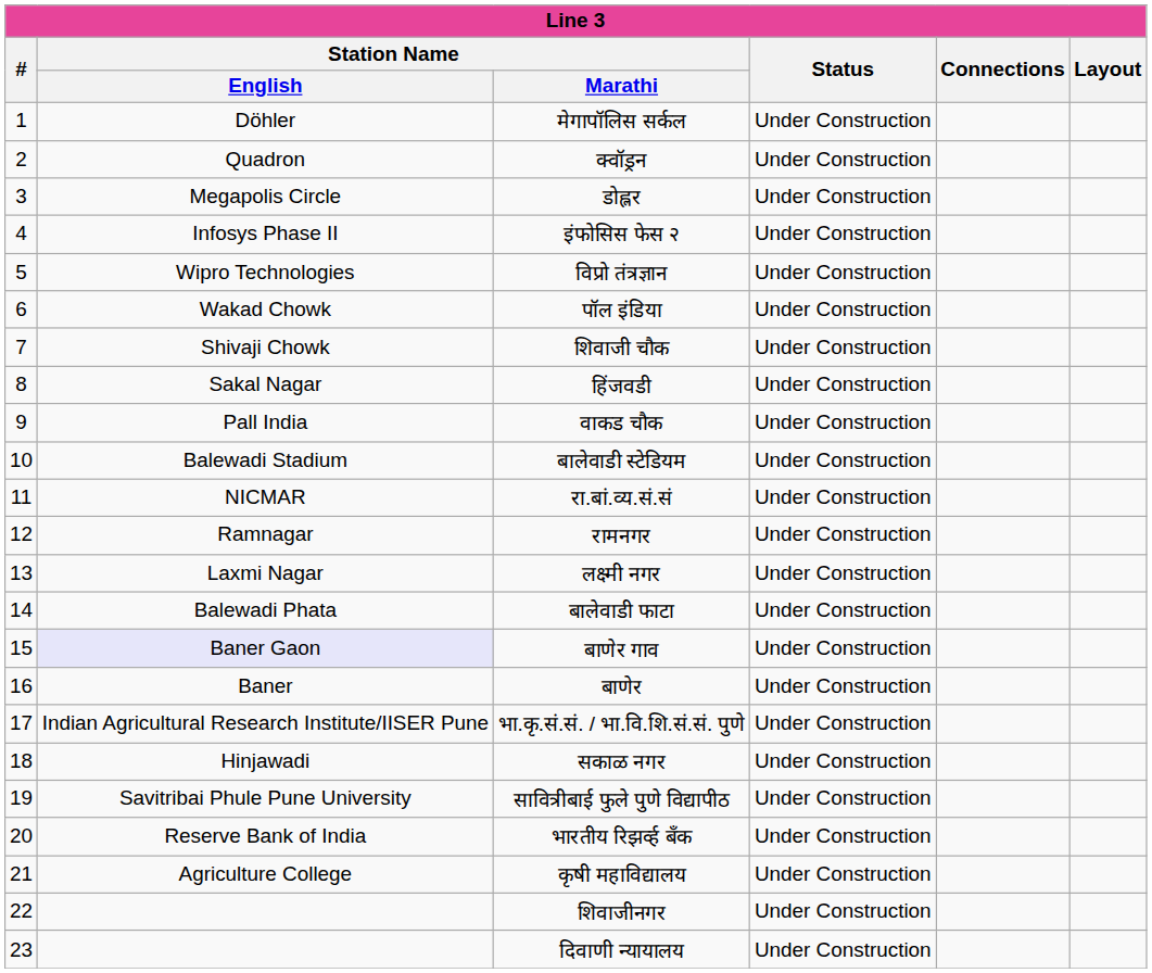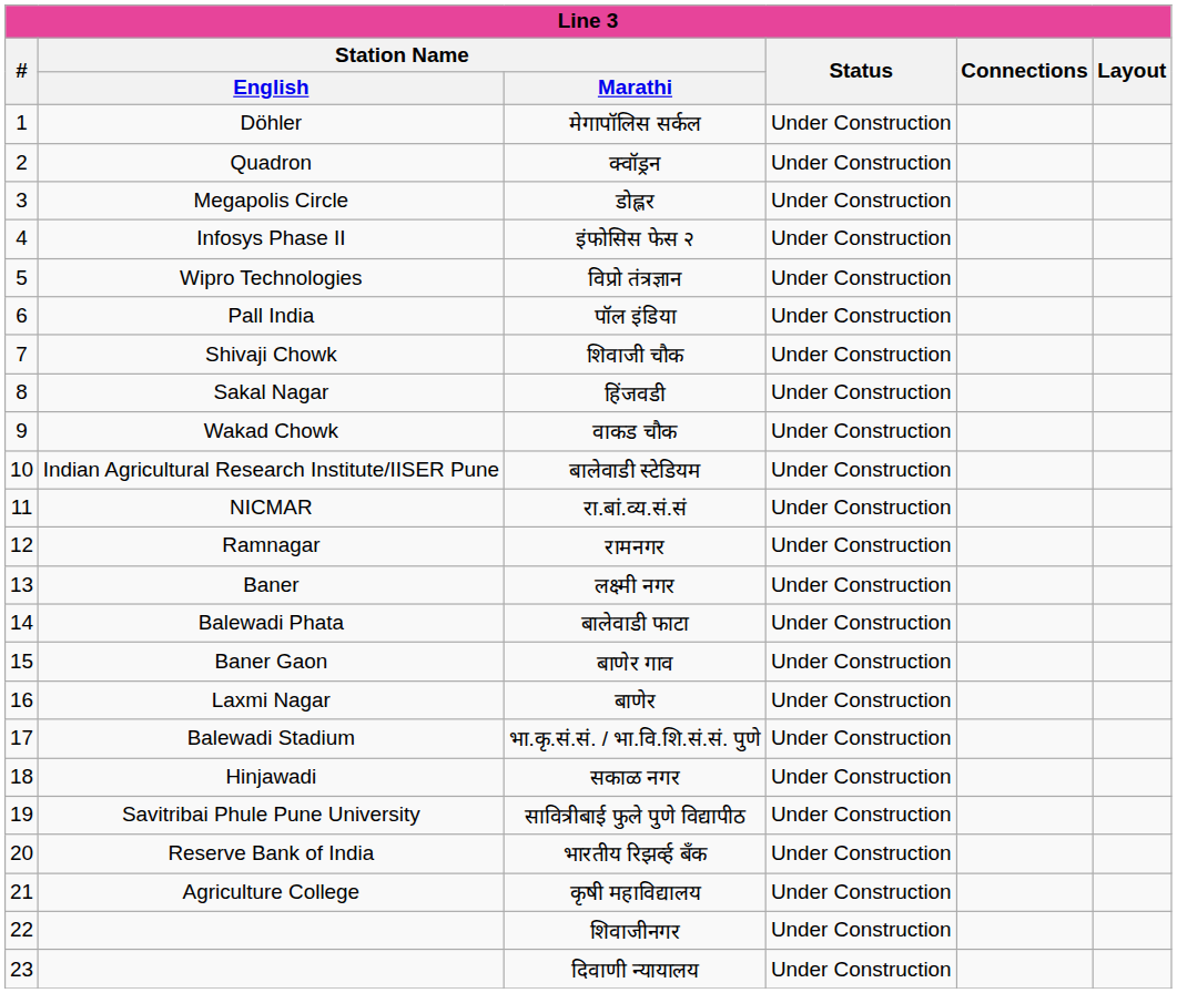 <table class="wikitable" style="text-align: center;">
 <tr>
 <th colspan="6" style="text-align:center; background:#E7449A;"><span>Line 3</span></th>
 </tr>
 <tr>
 <th rowspan="2">#</th>
 <th colspan="2">Station Name</th>
 <th rowspan="2">Status</th>
 <th rowspan="2">Connections</th>
 <th rowspan="2">Layout</th>
 </tr>
 <tr>
 <th><a href='#'>English</a></th>
 <th><a href='#'>Marathi</a></th>
 </tr>
 <tr>
 <td>1</td>
 <td>Döhler</td>
 <td>मेगापॉलिस सर्कल</td>
 <td>Under Construction</td>
 <td></td>
 <td></td>
 </tr>
 <tr>
 <td>2</td>
 <td>Quadron</td>
 <td>क्वॉड्रन</td>
 <td>Under Construction</td>
 <td></td>
 <td></td>
 </tr>
 <tr>
 <td>3</td>
 <td>Megapolis Circle</td>
 <td>डोह्लर</td>
 <td>Under Construction</td>
 <td></td>
 <td></td>
 </tr>
 <tr>
 <td>4</td>
 <td>Infosys Phase II</td>
 <td>इंफोसिस फेस २</td>
 <td>Under Construction</td>
 <td></td>
 <td></td>
 </tr>
 <tr>
 <td>5</td>
 <td>Wipro Technologies</td>
 <td>विप्रो तंत्रज्ञान</td>
 <td>Under Construction</td>
 <td></td>
 <td></td>
 </tr>
 <tr>
 <td>6</td>
-<td>Wakad Chowk</td>
+<td>Pall India</td>
 <td>पॉल इंडिया</td>
 <td>Under Construction</td>
 <td></td>
 <td></td>
 </tr>
 <tr>
 <td>7</td>
 <td>Shivaji Chowk</td>
 <td>शिवाजी चौक</td>
 <td>Under Construction</td>
 <td></td>
 <td></td>
 </tr>
 <tr>
 <td>8</td>
 <td>Sakal Nagar</td>
 <td>हिंजवडी</td>
 <td>Under Construction</td>
 <td></td>
 <td></td>
 </tr>
 <tr>
 <td>9</td>
-<td>Pall India</td>
+<td>Wakad Chowk</td>
 <td>वाकड चौक</td>
 <td>Under Construction</td>
 <td></td>
 <td></td>
 </tr>
 <tr>
 <td>10</td>
-<td>Balewadi Stadium</td>
+<td>Indian Agricultural Research Institute/IISER Pune</td>
 <td>बालेवाडी स्टेडियम</td>
 <td>Under Construction</td>
 <td></td>
 <td></td>
 </tr>
 <tr>
 <td>11</td>
 <td>NICMAR</td>
 <td>रा.बां.व्य.सं.सं</td>
 <td>Under Construction</td>
 <td></td>
 <td></td>
 </tr>
 <tr>
 <td>12</td>
 <td>Ramnagar</td>
 <td>रामनगर</td>
 <td>Under Construction</td>
 <td></td>
 <td></td>
 </tr>
 <tr>
 <td>13</td>
-<td>Laxmi Nagar</td>
+<td>Baner</td>
 <td>लक्ष्मी नगर</td>
 <td>Under Construction</td>
 <td></td>
 <td></td>
 </tr>
 <tr>
 <td>14</td>
 <td>Balewadi Phata</td>
 <td>बालेवाडी फाटा</td>
 <td>Under Construction</td>
 <td></td>
 <td></td>
 </tr>
 <tr>
 <td>15</td>
-<td style="background: lavender;">Baner Gaon</td>
+<td>Baner Gaon</td>
 <td>बाणेर गाव</td>
 <td>Under Construction</td>
 <td></td>
 <td></td>
 </tr>
 <tr>
 <td>16</td>
-<td>Baner</td>
+<td>Laxmi Nagar</td>
 <td>बाणेर</td>
 <td>Under Construction</td>
 <td></td>
 <td></td>
 </tr>
 <tr>
 <td>17</td>
-<td>Indian Agricultural Research Institute/IISER Pune</td>
+<td>Balewadi Stadium</td>
 <td>भा.कृ.सं.सं. / भा.वि.शि.सं.सं. पुणे</td>
 <td>Under Construction</td>
 <td></td>
 <td></td>
 </tr>
 <tr>
 <td>18</td>
 <td>Hinjawadi</td>
 <td>सकाळ नगर</td>
 <td>Under Construction</td>
 <td></td>
 <td></td>
 </tr>
 <tr>
 <td>19</td>
 <td>Savitribai Phule Pune University</td>
 <td>सावित्रीबाई फुले पुणे विद्यापीठ</td>
 <td>Under Construction</td>
 <td></td>
 <td></td>
 </tr>
 <tr>
 <td>20</td>
 <td>Reserve Bank of India</td>
 <td>भारतीय रिझर्व्ह बँक</td>
 <td>Under Construction</td>
 <td></td>
 <td></td>
 </tr>
 <tr>
 <td>21</td>
 <td>Agriculture College</td>
 <td>कृषी महाविद्यालय</td>
 <td>Under Construction</td>
 <td></td>
 <td></td>
 </tr>
 <tr>
 <td>22</td>
 <td></td>
 <td>शिवाजीनगर</td>
 <td>Under Construction</td>
 <td></td>
 <td></td>
 </tr>
 <tr>
 <td>23</td>
 <td></td>
 <td>दिवाणी न्यायालय</td>
 <td>Under Construction</td>
 <td> <br></td>
 <td></td>
 </tr>
 </table>
